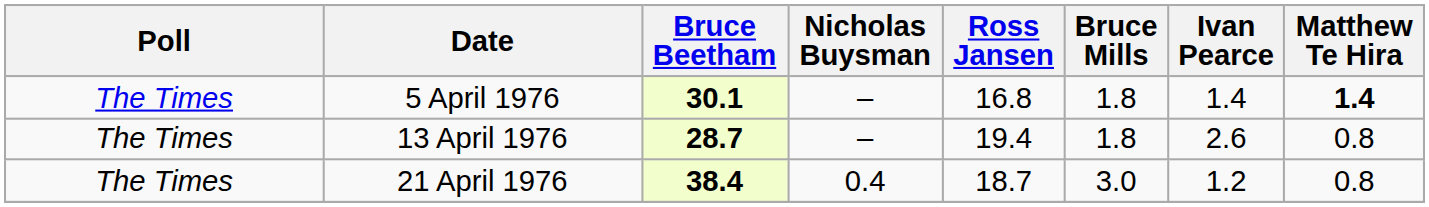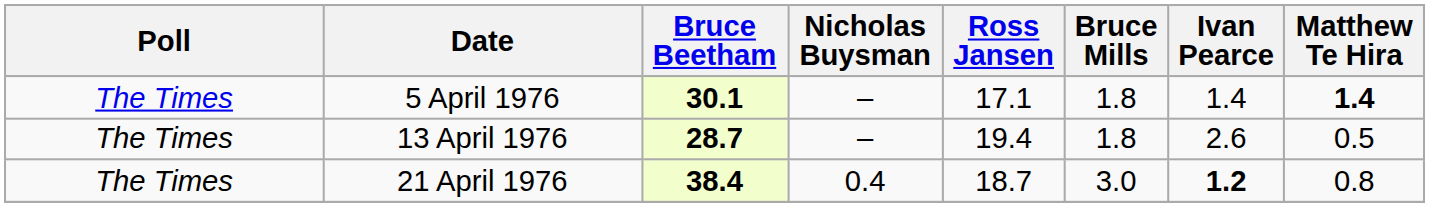 <table class="wikitable" style="width:700px;font-size:90%;line-height:14px;text-align:center;">
 <tr style="height:32px">
 <th style="width:150px;">Poll</th>
 <th style="width:150px;">Date</th>
 <th><a href='#'>Bruce<br>Beetham</a></th>
 <th>Nicholas<br>Buysman</th>
 <th><a href='#'>Ross<br>Jansen</a></th>
 <th>Bruce<br>Mills</th>
 <th>Ivan<br>Pearce</th>
 <th>Matthew<br>Te Hira</th>
 </tr>
 <tr>
 <td><em><a href='#'>The Times</a></em></td>
 <td>5 April 1976</td>
 <td style="background:#F2FFCC"><strong>30.1</strong></td>
 <td>–</td>
-<td>16.8</td>
+<td>17.1</td>
 <td>1.8</td>
 <td>1.4</td>
 <td><strong>1.4</strong></td>
 </tr>
 <tr>
 <td><em>The Times</em></td>
 <td>13 April 1976</td>
 <td style="background:#F2FFCC"><strong>28.7</strong></td>
 <td>–</td>
 <td>19.4</td>
 <td>1.8</td>
 <td>2.6</td>
-<td>0.8</td>
+<td>0.5</td>
 </tr>
 <tr>
 <td><em>The Times</em></td>
 <td>21 April 1976</td>
 <td style="background:#F2FFCC"><strong>38.4</strong></td>
 <td>0.4</td>
 <td>18.7</td>
 <td>3.0</td>
-<td>1.2</td>
+<td><strong>1.2</strong></td>
 <td>0.8</td>
 </tr>
 <tr>
 </tr>
 </table>
